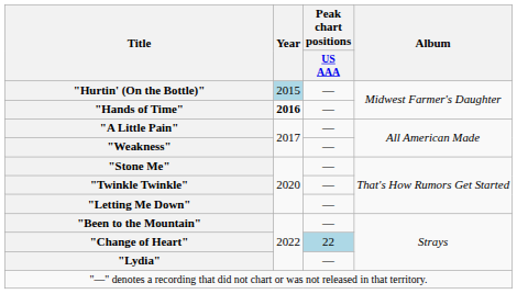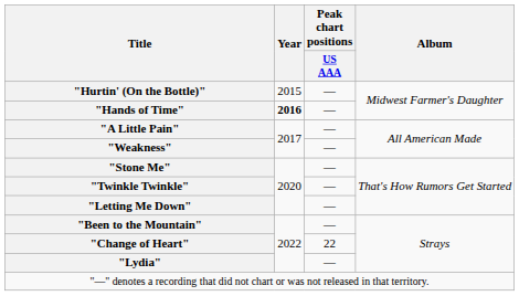 <table class="wikitable plainrowheaders" style="text-align:center;" border="1">
 <tr>
 <th scope="col" rowspan="2" style="width:22em;">Title</th>
 <th scope="col" rowspan="2">Year</th>
 <th scope="col" colspan="1">Peak<br>chart<br>positions</th>
 <th scope="col" rowspan="2">Album</th>
 </tr>
 <tr>
 <th scope="col" style="width:2em;font-size:90%;"><a href='#'>US<br>AAA</a><br></th>
 </tr>
 <tr>
 <th scope="row">"Hurtin' (On the Bottle)"</th>
-<td style="background: lightblue;">2015</td>
+<td>2015</td>
 <td>—</td>
 <td rowspan="2"><em>Midwest Farmer's Daughter</em></td>
 </tr>
 <tr>
 <th scope="row">"Hands of Time"</th>
 <td><strong>2016</strong></td>
 <td>—</td>
 </tr>
 <tr>
 <th scope="row">"A Little Pain"</th>
 <td rowspan="2">2017</td>
 <td>—</td>
 <td rowspan="2"><em>All American Made</em></td>
 </tr>
 <tr>
 <th scope="row">"Weakness"</th>
 <td>—</td>
 </tr>
 <tr>
 <th scope="row">"Stone Me"</th>
 <td rowspan="3">2020</td>
 <td>—</td>
 <td rowspan="3"><em>That's How Rumors Get Started</em></td>
 </tr>
 <tr>
 <th scope="row">"Twinkle Twinkle"</th>
 <td>—</td>
 </tr>
 <tr>
 <th scope="row">"Letting Me Down"</th>
 <td>—</td>
 </tr>
 <tr>
 <th scope="row">"Been to the Mountain"</th>
 <td rowspan="3">2022</td>
 <td>—</td>
 <td rowspan="3"><em>Strays</em></td>
 </tr>
 <tr>
 <th scope="row">"Change of Heart"</th>
-<td style="background: lightblue;">22</td>
+<td>22</td>
 </tr>
 <tr>
 <th scope="row">"Lydia"</th>
 <td>—</td>
 </tr>
 <tr>
 <td colspan="4" style="font-size:90%">"—" denotes a recording that did not chart or was not released in that territory.</td>
 </tr>
 </table>
